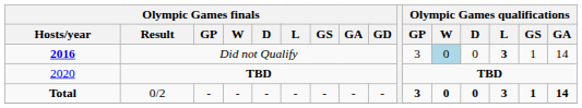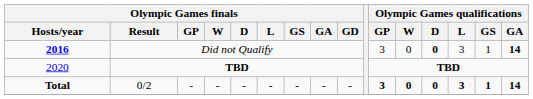 <table class="wikitable" style="text-align: center;">
 <tr>
 <th colspan=9>Olympic Games finals</th>
 <th style="width:1% ;" rowspan="16"></th>
 <th colspan=6>Olympic Games qualifications</th>
 </tr>
 <tr>
 <th>Hosts/year</th>
 <th>Result</th>
 <th width=30px>GP</th>
 <th width=30px>W</th>
 <th width=30px>D</th>
 <th width=30px>L</th>
 <th width=30px>GS</th>
 <th width=30px>GA</th>
 <th width=30px>GD</th>
 <th width=30px>GP</th>
 <th width=30px>W</th>
 <th width=30px>D</th>
 <th width=30px>L</th>
 <th width=30px>GS</th>
 <th width=30px>GA</th>
 </tr>
 <tr>
 <td><strong> <a href='#'>2016</a></strong></td>
 <td colspan=8 rowspan=1><em>Did not Qualify</em></td>
 <td>3</td>
-<td style="background: lightblue;">0</td>
 <td>0</td>
-<td><strong>3</strong></td>
+<td><strong>0</strong></td>
+<td>3</td>
 <td>1</td>
-<td>14</td>
+<td><strong>14</strong></td>
 </tr>
 <tr>
 <td> <a href='#'>2020</a></td>
 <td colspan=8 rowspan=1><strong>TBD</strong></td>
 <td colspan=6 rowspan=1><strong>TBD</strong></td>
 </tr>
 <tr>
 <td><strong>Total</strong></td>
 <td>0/2</td>
 <td>-</td>
 <td>-</td>
 <td>-</td>
 <td>-</td>
 <td>-</td>
 <td>-</td>
 <td>-</td>
 <td><strong>3</strong></td>
 <td><strong>0</strong></td>
 <td><strong>0</strong></td>
 <td><strong>3</strong></td>
 <td><strong>1</strong></td>
 <td><strong>14</strong></td>
 </tr>
 <tr>
 </tr>
 </table>
